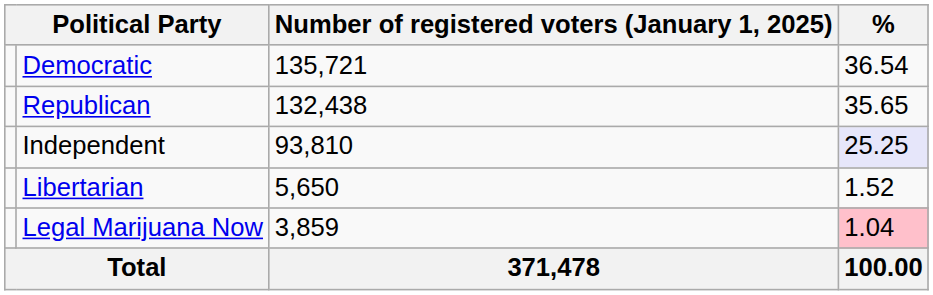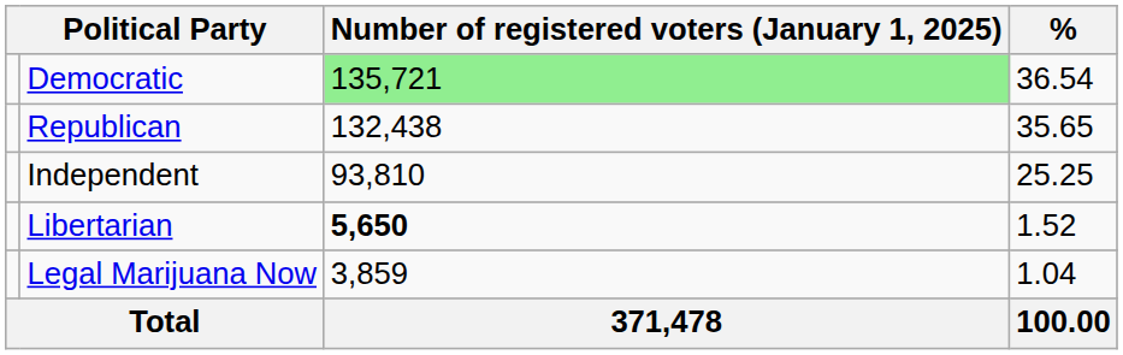 <table class="wikitable">
 <tr>
 <th colspan="2">Political Party</th>
 <th>Number of registered voters (January 1, 2025)</th>
 <th>%</th>
 </tr>
 <tr>
 <td></td>
 <td><a href='#'>Democratic</a></td>
-<td>135,721</td>
+<td style="background: lightgreen;">135,721</td>
 <td>36.54</td>
 </tr>
 <tr>
 <td></td>
 <td><a href='#'>Republican</a></td>
 <td>132,438</td>
 <td>35.65</td>
 </tr>
 <tr>
 <td></td>
 <td>Independent</td>
 <td>93,810</td>
-<td style="background: lavender;">25.25</td>
+<td>25.25</td>
 </tr>
 <tr>
 <td></td>
 <td><a href='#'>Libertarian</a></td>
-<td>5,650</td>
+<td><strong>5,650</strong></td>
 <td>1.52</td>
 </tr>
 <tr>
 <td></td>
 <td><a href='#'>Legal Marijuana Now</a></td>
 <td>3,859</td>
-<td style="background: pink;">1.04</td>
+<td>1.04</td>
 </tr>
 <tr>
 <th colspan="2">Total</th>
 <th>371,478</th>
 <th>100.00</th>
 </tr>
 </table>
